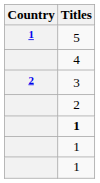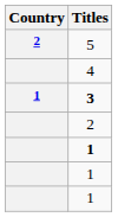 <table class="wikitable plainrowheaders sortable">
 <tr>
 <th scope="col">Country</th>
 <th scope="col">Titles</th>
 </tr>
 <tr>
-<th scope="row"><sup><a href='#'>1</a></sup></th>
+<th scope="row"><sup><a href='#'>2</a></sup></th>
 <td align=center>5</td>
 </tr>
 <tr>
 <th scope="row"></th>
 <td align=center>4</td>
 </tr>
 <tr>
-<th scope="row"><sup><a href='#'>2</a></sup></th>
-<td align=center>3</td>
+<th scope="row"><sup><a href='#'>1</a></sup></th>
+<td align=center><strong>3</strong></td>
 </tr>
 <tr>
 <th scope="row"></th>
 <td align=center>2</td>
 </tr>
 <tr>
 <th scope="row"></th>
 <td align=center><strong>1</strong></td>
 </tr>
 <tr>
 <th scope="row"></th>
 <td align=center>1</td>
 </tr>
 <tr>
 <th scope="row"></th>
 <td align=center>1</td>
 </tr>
 </table>
